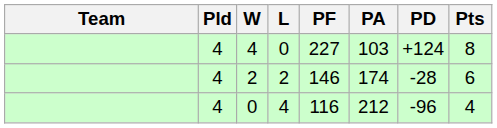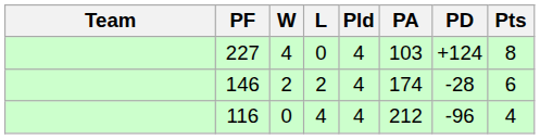 <table class=wikitable style="text-align:center">
 <tr>
 <th width=160>Team</th>
-<th width=20>Pld</th>
+<th width=35>PF</th>
 <th width=20>W</th>
 <th width=20>L</th>
-<th width=35>PF</th>
+<th width=20>Pld</th>
 <th width=35>PA</th>
 <th width=35>PD</th>
 <th width=30>Pts</th>
 </tr>
 <tr align="center" bgcolor="#CCFFCC">
 <td align=left></td>
-<td>4</td>
+<td>227</td>
 <td>4</td>
 <td>0</td>
-<td>227</td>
+<td>4</td>
 <td>103</td>
 <td>+124</td>
 <td>8</td>
 </tr>
 <tr align="center" bgcolor="#CCFFCC">
 <td align=left></td>
-<td>4</td>
+<td>146</td>
 <td>2</td>
 <td>2</td>
-<td>146</td>
+<td>4</td>
 <td>174</td>
 <td>-28</td>
 <td>6</td>
 </tr>
 <tr align="center" bgcolor="#CCFFCC">
 <td align=left></td>
-<td>4</td>
+<td>116</td>
 <td>0</td>
 <td>4</td>
-<td>116</td>
+<td>4</td>
 <td>212</td>
 <td>-96</td>
 <td>4</td>
 </tr>
 </table>
